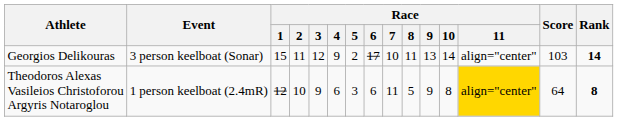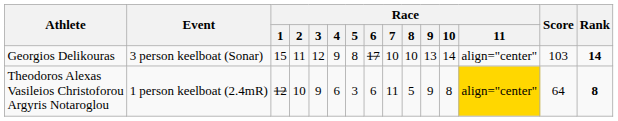 <table class=wikitable>
 <tr>
 <th rowspan="2">Athlete</th>
 <th rowspan="2">Event</th>
 <th colspan="11">Race</th>
 <th rowspan="2">Score</th>
 <th rowspan="2">Rank</th>
 </tr>
 <tr>
 <th width="15">1</th>
 <th width="15">2</th>
 <th width="15">3</th>
 <th width="15">4</th>
 <th width="15">5</th>
 <th width="15">6</th>
 <th width="15">7</th>
 <th width="15">8</th>
 <th width="15">9</th>
 <th width="15">10</th>
 <th width="15">11</th>
 </tr>
 <tr>
 <td>Georgios Delikouras</td>
 <td>3 person keelboat (Sonar)</td>
 <td align="center">15</td>
 <td align="center">11</td>
 <td align="center">12</td>
 <td align="center">9</td>
-<td align="center">2</td>
+<td align="center">8</td>
 <td align="center"><s>17</s><br><small></small></td>
 <td align="center">10</td>
-<td align="center">11</td>
+<td align="center">10</td>
 <td align="center">13</td>
 <td align="center">14</td>
 <td>align="center" </td>
 <td align="center">103</td>
 <td align="center"><strong>14</strong></td>
 </tr>
 <tr>
 <td>Theodoros Alexas<br>Vasileios Christoforou<br>Argyris Notaroglou</td>
 <td>1 person keelboat (2.4mR)</td>
 <td align="center"><s>12</s></td>
 <td align="center">10</td>
 <td align="center">9</td>
 <td align="center">6</td>
 <td align="center">3</td>
 <td align="center">6</td>
 <td align="center">11</td>
 <td align="center">5</td>
 <td align="center">9</td>
 <td align="center">8</td>
 <td style="background: gold;">align="center" </td>
 <td align="center">64</td>
 <td align="center"><strong>8</strong></td>
 </tr>
 </table>
